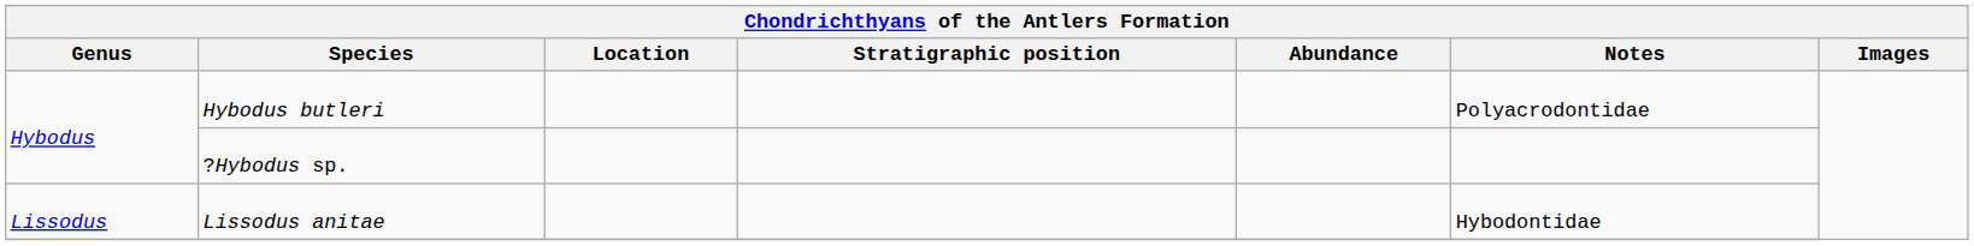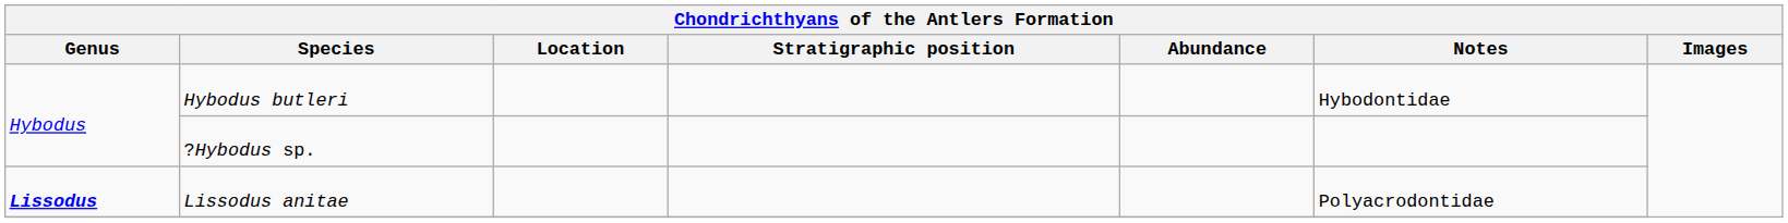 <table class="wikitable" align="center" width="100%">
 <tr>
 <th colspan="7" align="center"><strong><a href='#'>Chondrichthyans</a> of the Antlers Formation</strong></th>
 </tr>
 <tr>
 <th>Genus</th>
 <th>Species</th>
 <th>Location</th>
 <th>Stratigraphic position</th>
 <th>Abundance</th>
 <th>Notes</th>
 <th>Images</th>
 </tr>
 <tr>
 <td rowspan="2"><br><em><a href='#'>Hybodus</a></em></td>
 <td><br><em>Hybodus butleri</em></td>
 <td></td>
 <td></td>
 <td></td>
-<td><br>Polyacrodontidae</td>
+<td><br>Hybodontidae</td>
 <td rowspan="99"><br></td>
 </tr>
 <tr>
 <td><br>?<em>Hybodus</em> sp.</td>
 <td></td>
 <td></td>
 <td></td>
 <td></td>
 </tr>
 <tr>
-<td><br><em><a href='#'>Lissodus</a></em></td>
+<td><strong><br><em><a href='#'>Lissodus</a></em></strong></td>
 <td><br><em>Lissodus anitae</em></td>
 <td></td>
 <td></td>
 <td></td>
-<td><br>Hybodontidae</td>
+<td><br>Polyacrodontidae</td>
 </tr>
 <tr>
 </tr>
 </table>
